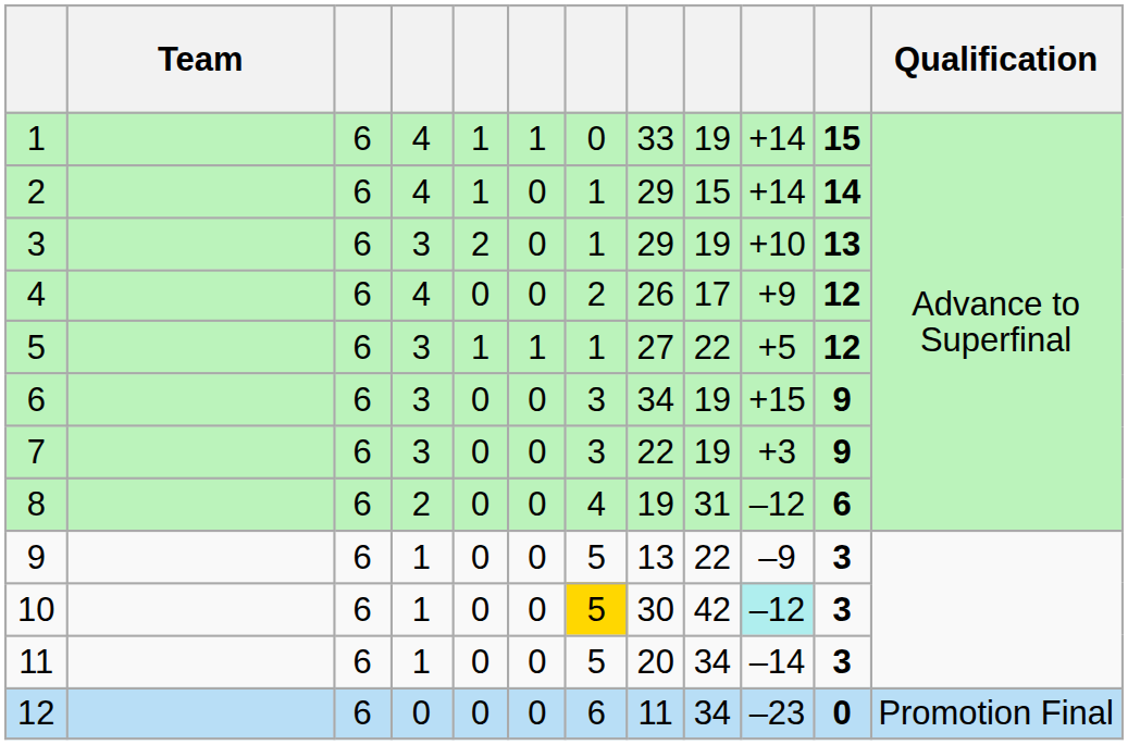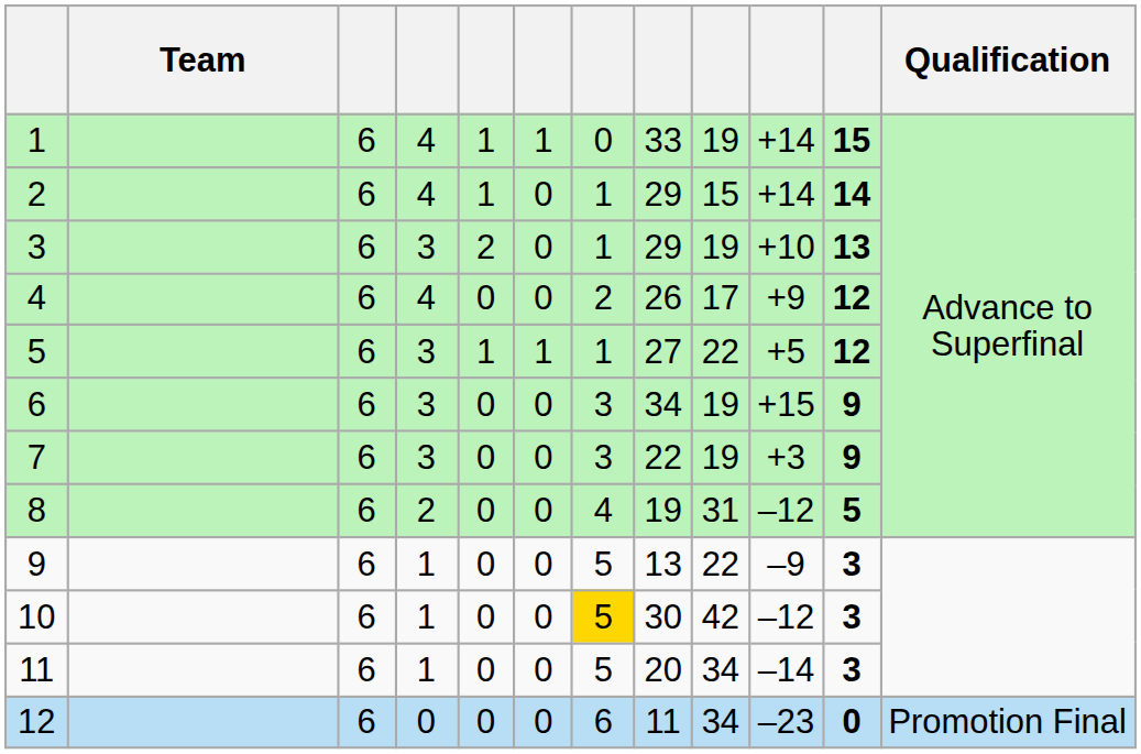 <table class="wikitable" style="text-align: center; font-size: 92%;">
 <tr>
 <th width="20" height="40"></th>
 <th width="110">Team</th>
 <th width="18"></th>
 <th width="20"></th>
 <th width="18"></th>
 <th width="18"></th>
 <th width="20"></th>
 <th width="18"></th>
 <th width="18"></th>
 <th width="25"></th>
 <th width="18"></th>
 <th>Qualification</th>
 </tr>
 <tr style="background-color: #bbf3bb;">
 <td>1</td>
 <td align=left></td>
 <td>6</td>
 <td>4</td>
 <td>1</td>
 <td>1</td>
 <td>0</td>
 <td>33</td>
 <td>19</td>
 <td>+14</td>
 <td><strong>15</strong></td>
 <td rowspan="8">Advance to<br>Superfinal</td>
 </tr>
 <tr style="background-color: #bbf3bb;">
 <td>2</td>
 <td align=left></td>
 <td>6</td>
 <td>4</td>
 <td>1</td>
 <td>0</td>
 <td>1</td>
 <td>29</td>
 <td>15</td>
 <td>+14</td>
 <td><strong>14</strong></td>
 </tr>
 <tr style="background-color: #bbf3bb;">
 <td>3</td>
 <td align=left></td>
 <td>6</td>
 <td>3</td>
 <td>2</td>
 <td>0</td>
 <td>1</td>
 <td>29</td>
 <td>19</td>
 <td>+10</td>
 <td><strong>13</strong></td>
 </tr>
 <tr style="background-color: #bbf3bb;">
 <td>4</td>
 <td align=left></td>
 <td>6</td>
 <td>4</td>
 <td>0</td>
 <td>0</td>
 <td>2</td>
 <td>26</td>
 <td>17</td>
 <td>+9</td>
 <td><strong>12</strong></td>
 </tr>
 <tr style="background-color: #bbf3bb;">
 <td>5</td>
 <td align=left></td>
 <td>6</td>
 <td>3</td>
 <td>1</td>
 <td>1</td>
 <td>1</td>
 <td>27</td>
 <td>22</td>
 <td>+5</td>
 <td><strong>12</strong></td>
 </tr>
 <tr style="background-color: #bbf3bb;">
 <td>6</td>
 <td align=left></td>
 <td>6</td>
 <td>3</td>
 <td>0</td>
 <td>0</td>
 <td>3</td>
 <td>34</td>
 <td>19</td>
 <td>+15</td>
 <td><strong>9</strong></td>
 </tr>
 <tr style="background-color: #bbf3bb;">
 <td>7</td>
 <td align=left></td>
 <td>6</td>
 <td>3</td>
 <td>0</td>
 <td>0</td>
 <td>3</td>
 <td>22</td>
 <td>19</td>
 <td>+3</td>
 <td><strong>9</strong></td>
 </tr>
 <tr style="background-color: #bbf3bb;">
 <td>8</td>
 <td align=left></td>
 <td>6</td>
 <td>2</td>
 <td>0</td>
 <td>0</td>
 <td>4</td>
 <td>19</td>
 <td>31</td>
 <td>–12</td>
-<td><strong>6</strong></td>
+<td><strong>5</strong></td>
 </tr>
 <tr>
 <td>9</td>
 <td align=left></td>
 <td>6</td>
 <td>1</td>
 <td>0</td>
 <td>0</td>
 <td>5</td>
 <td>13</td>
 <td>22</td>
 <td>–9</td>
 <td><strong>3</strong></td>
 <td rowspan="3"></td>
 </tr>
 <tr>
 <td>10</td>
 <td align=left></td>
 <td>6</td>
 <td>1</td>
 <td>0</td>
 <td>0</td>
 <td style="background: gold;">5</td>
 <td>30</td>
 <td>42</td>
-<td style="background: paleturquoise;">–12</td>
+<td>–12</td>
 <td><strong>3</strong></td>
 </tr>
 <tr>
 <td>11</td>
 <td align=left></td>
 <td>6</td>
 <td>1</td>
 <td>0</td>
 <td>0</td>
 <td>5</td>
 <td>20</td>
 <td>34</td>
 <td>–14</td>
 <td><strong>3</strong></td>
 </tr>
 <tr style="background-color: #b8def6">
 <td>12</td>
 <td align=left></td>
 <td>6</td>
 <td>0</td>
 <td>0</td>
 <td>0</td>
 <td>6</td>
 <td>11</td>
 <td>34</td>
 <td>–23</td>
 <td><strong>0</strong></td>
 <td>Promotion Final</td>
 </tr>
 </table>
